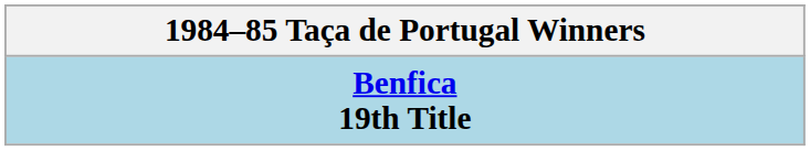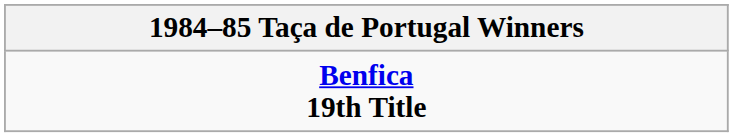 <table class="wikitable" style="text-align: center; margin: 0 auto; width: 20%">
 <tr>
 <th>1984–85 Taça de Portugal Winners</th>
 </tr>
 <tr>
-<td style="background: lightblue;"><strong><a href='#'>Benfica</a></strong><br><strong>19th Title</strong></td>
+<td><strong><a href='#'>Benfica</a></strong><br><strong>19th Title</strong></td>
 </tr>
 </table>
